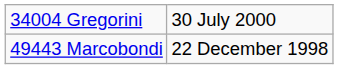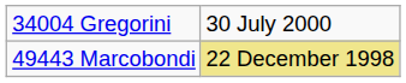 <table class="wikitable" align="right" style="margin-top: 0; margin-left: 0.8em; font-size: 0.9em;">
 <tr>
 <td><a href='#'>34004 Gregorini</a></td>
 <td>30 July 2000</td>
 </tr>
 <tr>
 <td><a href='#'>49443 Marcobondi</a></td>
-<td>22 December 1998</td>
+<td style="background: khaki;">22 December 1998</td>
 </tr>
 </table>
